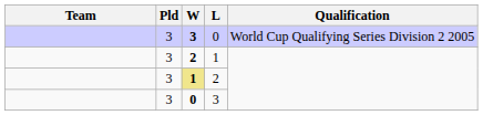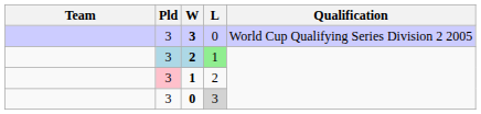 <table class="wikitable" style="text-align:center">
 <tr>
 <th width=175>Team</th>
 <th width=20  abbr="Played">Pld</th>
 <th width=20  abbr="Won">W</th>
 <th width=20  abbr="Lost">L</th>
 <th>Qualification</th>
 </tr>
 <tr bgcolor=CCCCFF>
 <td style="text-align:left;'"><strong></strong></td>
 <td>3</td>
 <td><strong>3</strong></td>
 <td>0</td>
 <td>World Cup Qualifying Series Division 2 2005</td>
 </tr>
 <tr>
 <td style="text-align:left;"><strong></strong></td>
-<td>3</td>
-<td><strong>2</strong></td>
-<td>1</td>
+<td style="background: lightblue;">3</td>
+<td style="background: lightblue;"><strong>2</strong></td>
+<td style="background: lightgreen;">1</td>
 <td rowspan=3></td>
 </tr>
 <tr>
 <td style="text-align:left;"></td>
-<td>3</td>
-<td style="background: khaki;"><strong>1</strong></td>
+<td style="background: pink;">3</td>
+<td><strong>1</strong></td>
 <td>2</td>
 </tr>
 <tr>
 <td style="text-align:left;"></td>
 <td>3</td>
 <td><strong>0</strong></td>
-<td>3</td>
+<td style="background: lightgrey;">3</td>
 </tr>
 </table>
